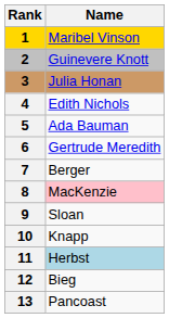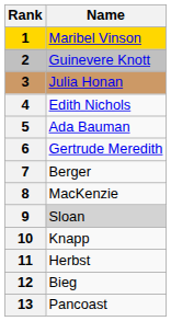 <table class="wikitable">
 <tr>
 <th>Rank</th>
 <th>Name</th>
 </tr>
 <tr bgcolor="gold">
 <td align="center"><strong>1</strong></td>
 <td><a href='#'>Maribel Vinson</a></td>
 </tr>
 <tr bgcolor="silver">
 <td align="center"><strong>2</strong></td>
 <td><a href='#'>Guinevere Knott</a></td>
 </tr>
 <tr bgcolor="cc9966">
 <td align="center"><strong>3</strong></td>
 <td><a href='#'>Julia Honan</a></td>
 </tr>
 <tr>
 <th>4</th>
 <td><a href='#'>Edith Nichols</a></td>
 </tr>
 <tr>
 <th>5</th>
 <td><a href='#'>Ada Bauman</a></td>
 </tr>
 <tr>
 <th>6</th>
 <td><a href='#'>Gertrude Meredith</a></td>
 </tr>
 <tr>
 <th>7</th>
 <td>Berger</td>
 </tr>
 <tr>
 <th>8</th>
-<td style="background: pink;">MacKenzie</td>
+<td>MacKenzie</td>
 </tr>
 <tr>
 <th>9</th>
-<td>Sloan</td>
+<td style="background: lightgrey;">Sloan</td>
 </tr>
 <tr>
 <th>10</th>
 <td>Knapp</td>
 </tr>
 <tr>
 <th>11</th>
-<td style="background: lightblue;">Herbst</td>
+<td>Herbst</td>
 </tr>
 <tr>
 <th>12</th>
 <td>Bieg</td>
 </tr>
 <tr>
 <th>13</th>
 <td>Pancoast</td>
 </tr>
 </table>
